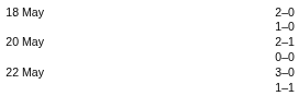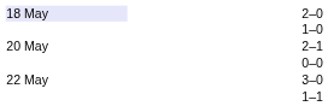 <table cellspacing=1 width=70%>
 <tr>
 <th width=25%></th>
 <th width=30%></th>
 <th width=15%></th>
 <th width=30%></th>
 </tr>
 <tr>
-<td>18 May</td>
+<td style="background: lavender;">18 May</td>
 <td align=right></td>
 <td align=center>2–0</td>
 <td></td>
 </tr>
 <tr>
 <td></td>
 <td align=right></td>
 <td align=center>1–0</td>
 <td></td>
 </tr>
 <tr>
 <td>20 May</td>
 <td align=right></td>
 <td align=center>2–1</td>
 <td></td>
 </tr>
 <tr>
 <td></td>
 <td align=right></td>
 <td align=center>0–0</td>
 <td></td>
 </tr>
 <tr>
 <td>22 May</td>
 <td align=right></td>
 <td align=center>3–0</td>
 <td></td>
 </tr>
 <tr>
 <td></td>
 <td align=right></td>
 <td align=center>1–1</td>
 <td></td>
 </tr>
 </table>
